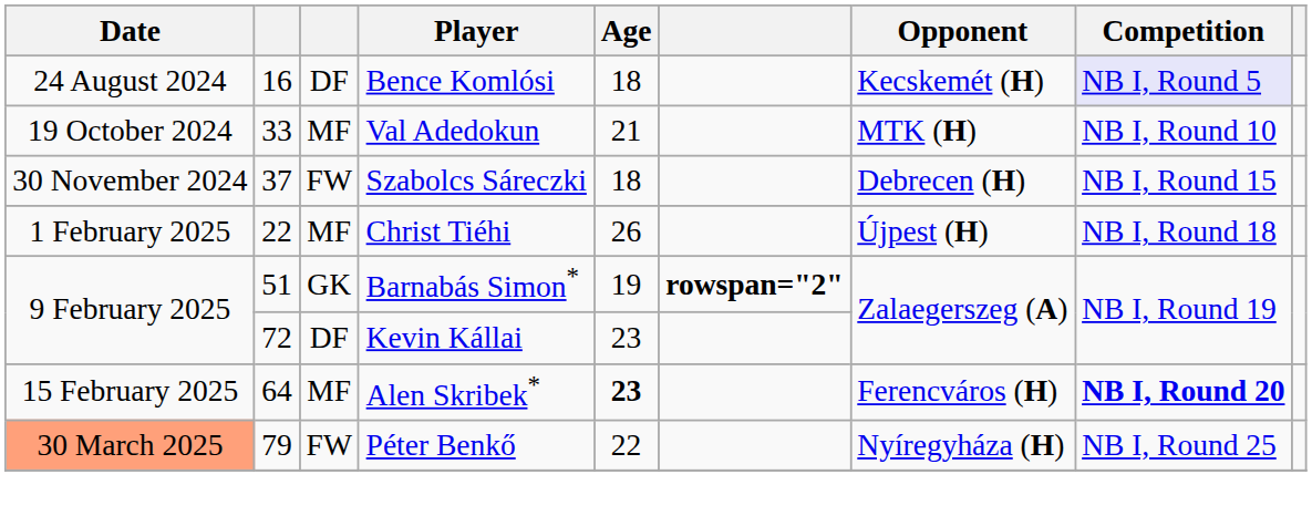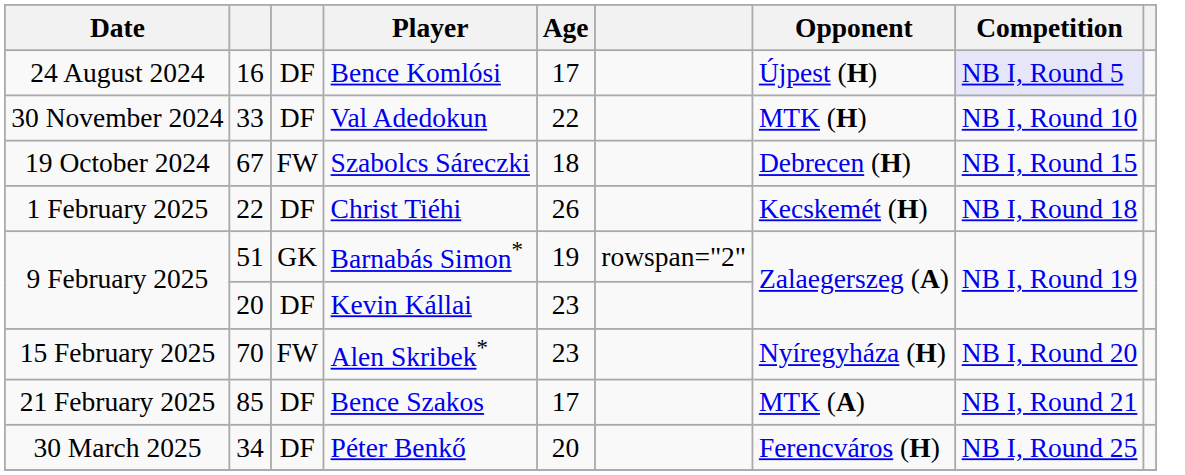 <table class="wikitable sortable" style="text-align:center; font-size:95%;">
 <tr>
 <th>Date</th>
 <th></th>
 <th></th>
 <th>Player</th>
 <th>Age</th>
 <th></th>
 <th>Opponent</th>
 <th>Competition</th>
 <th class="unsortable"></th>
 </tr>
 <tr>
 <td data-sort-value="1">24 August 2024</td>
 <td>16</td>
 <td>DF</td>
 <td style="text-align:left;" data-sort-value="Komlosi"> <a href='#'>Bence Komlósi</a></td>
-<td>18</td>
+<td>17</td>
 <td></td>
-<td style="text-align:left;"><a href='#'>Kecskemét</a> (<strong>H</strong>)</td>
+<td style="text-align:left;"><a href='#'>Újpest</a> (<strong>H</strong>)</td>
 <td style="background: lavender; text-align:left;"><a href='#'>NB I, Round 5</a></td>
 <td></td>
 </tr>
 <tr>
-<td data-sort-value="2">19 October 2024</td>
+<td data-sort-value="3">30 November 2024</td>
 <td>33</td>
-<td>MF</td>
+<td>DF</td>
 <td style="text-align:left;" data-sort-value="Adedokun"> <a href='#'>Val Adedokun</a></td>
-<td>21</td>
+<td>22</td>
 <td></td>
 <td style="text-align:left;"><a href='#'>MTK</a> (<strong>H</strong>)</td>
 <td style="text-align:left;"><a href='#'>NB I, Round 10</a></td>
 <td></td>
 </tr>
 <tr>
-<td data-sort-value="3">30 November 2024</td>
-<td>37</td>
+<td data-sort-value="2">19 October 2024</td>
+<td>67</td>
 <td>FW</td>
 <td style="text-align:left;" data-sort-value="Komlosi"> <a href='#'>Szabolcs Sáreczki</a></td>
 <td>18</td>
 <td></td>
 <td style="text-align:left;"><a href='#'>Debrecen</a> (<strong>H</strong>)</td>
 <td style="text-align:left;"><a href='#'>NB I, Round 15</a></td>
 <td></td>
 </tr>
 <tr>
 <td data-sort-value="4">1 February 2025</td>
 <td>22</td>
-<td>MF</td>
+<td>DF</td>
 <td style="text-align:left;" data-sort-value="Tiehi"> <a href='#'>Christ Tiéhi</a></td>
 <td>26</td>
 <td></td>
-<td style="text-align:left;"><a href='#'>Újpest</a> (<strong>H</strong>)</td>
+<td style="text-align:left;"><a href='#'>Kecskemét</a> (<strong>H</strong>)</td>
 <td style="text-align:left;"><a href='#'>NB I, Round 18</a></td>
 <td></td>
 </tr>
 <tr>
 <td data-sort-value="5" rowspan="2">9 February 2025</td>
 <td>51</td>
 <td>GK</td>
 <td style="text-align:left;" data-sort-value="Simon"> <a href='#'>Barnabás Simon</a><sup>*</sup></td>
 <td>19</td>
-<td><strong>rowspan="2" </strong></td>
+<td>rowspan="2" </td>
 <td rowspan="2" style="text-align:left;"><a href='#'>Zalaegerszeg</a> (<strong>A</strong>)</td>
 <td rowspan="2" style="text-align:left;"><a href='#'>NB I, Round 19</a></td>
 <td rowspan="2"></td>
 </tr>
 <tr>
-<td>72</td>
+<td>20</td>
 <td>DF</td>
 <td style="text-align:left;" data-sort-value="Kallai"> <a href='#'>Kevin Kállai</a></td>
 <td>23</td>
 </tr>
 <tr>
 <td data-sort-value="6">15 February 2025</td>
-<td>64</td>
-<td>MF</td>
+<td>70</td>
+<td>FW</td>
 <td style="text-align:left;" data-sort-value="Komlosi"> <a href='#'>Alen Skribek</a><sup>*</sup></td>
-<td><strong>23</strong></td>
+<td>23</td>
 <td></td>
-<td style="text-align:left;"><a href='#'>Ferencváros</a> (<strong>H</strong>)</td>
-<td style="text-align:left;"><strong><a href='#'>NB I, Round 20</a></strong></td>
+<td style="text-align:left;"><a href='#'>Nyíregyháza</a> (<strong>H</strong>)</td>
+<td style="text-align:left;"><a href='#'>NB I, Round 20</a></td>
 <td></td>
 </tr>
 <tr>
-<td data-sort-value="8" style="background: lightsalmon;">30 March 2025</td>
-<td>79</td>
-<td>FW</td>
+<td data-sort-value="7">21 February 2025</td>
+<td>85</td>
+<td>DF</td>
+<td style="text-align:left;" data-sort-value="Szakos"> <a href='#'>Bence Szakos</a></td>
+<td>17</td>
+<td></td>
+<td style="text-align:left;"><a href='#'>MTK</a> (<strong>A</strong>)</td>
+<td style="text-align:left;"><a href='#'>NB I, Round 21</a></td>
+<td></td>
+</tr>
+<tr>
+<td data-sort-value="8">30 March 2025</td>
+<td>34</td>
+<td>DF</td>
 <td style="text-align:left;" data-sort-value="Benko"> <a href='#'>Péter Benkő</a></td>
-<td>22</td>
+<td>20</td>
 <td></td>
-<td style="text-align:left;"><a href='#'>Nyíregyháza</a> (<strong>H</strong>)</td>
+<td style="text-align:left;"><a href='#'>Ferencváros</a> (<strong>H</strong>)</td>
 <td style="text-align:left;"><a href='#'>NB I, Round 25</a></td>
 <td></td>
 </tr>
 <tr>
 </tr>
 </table>
